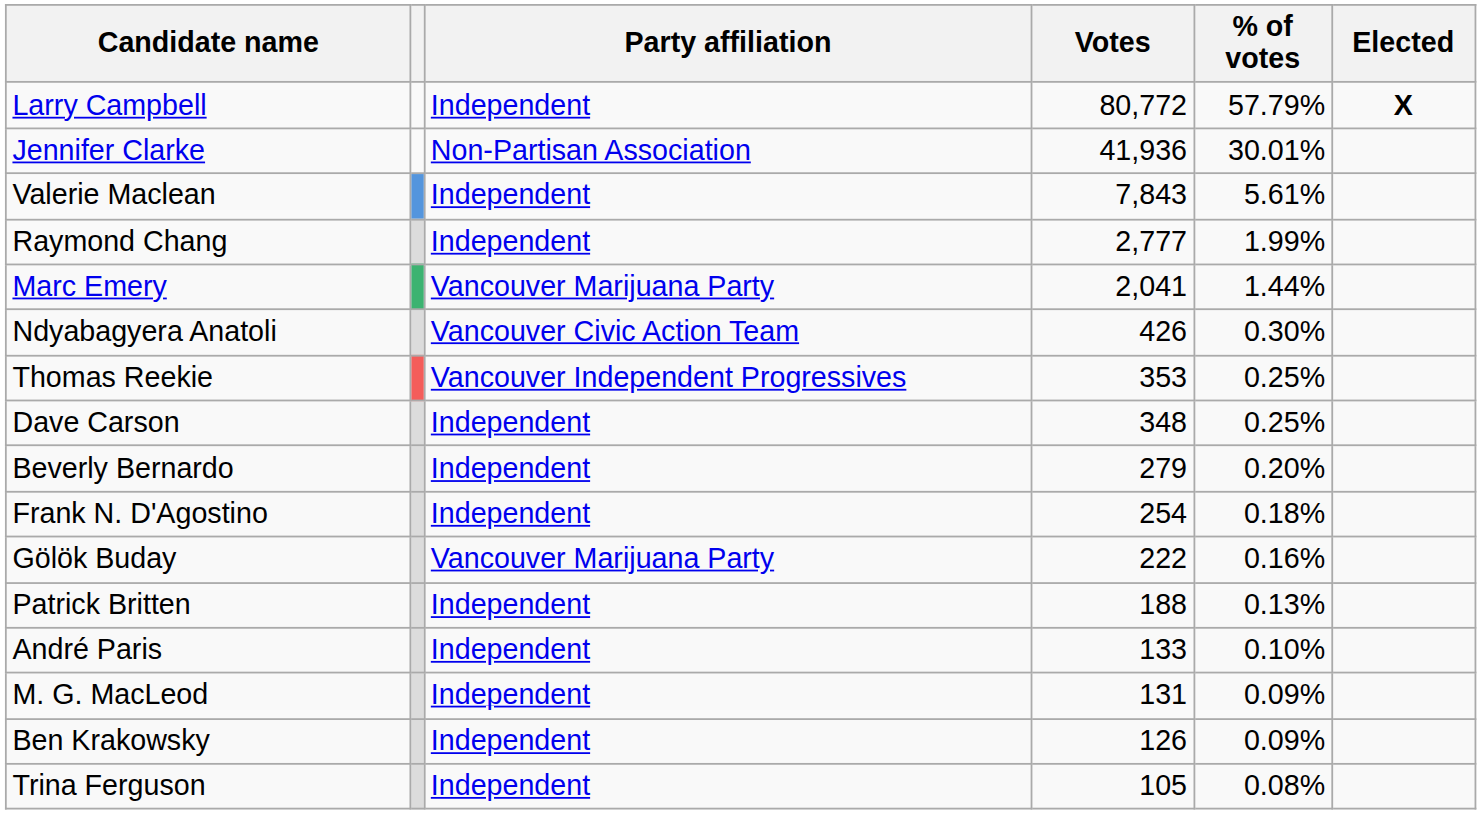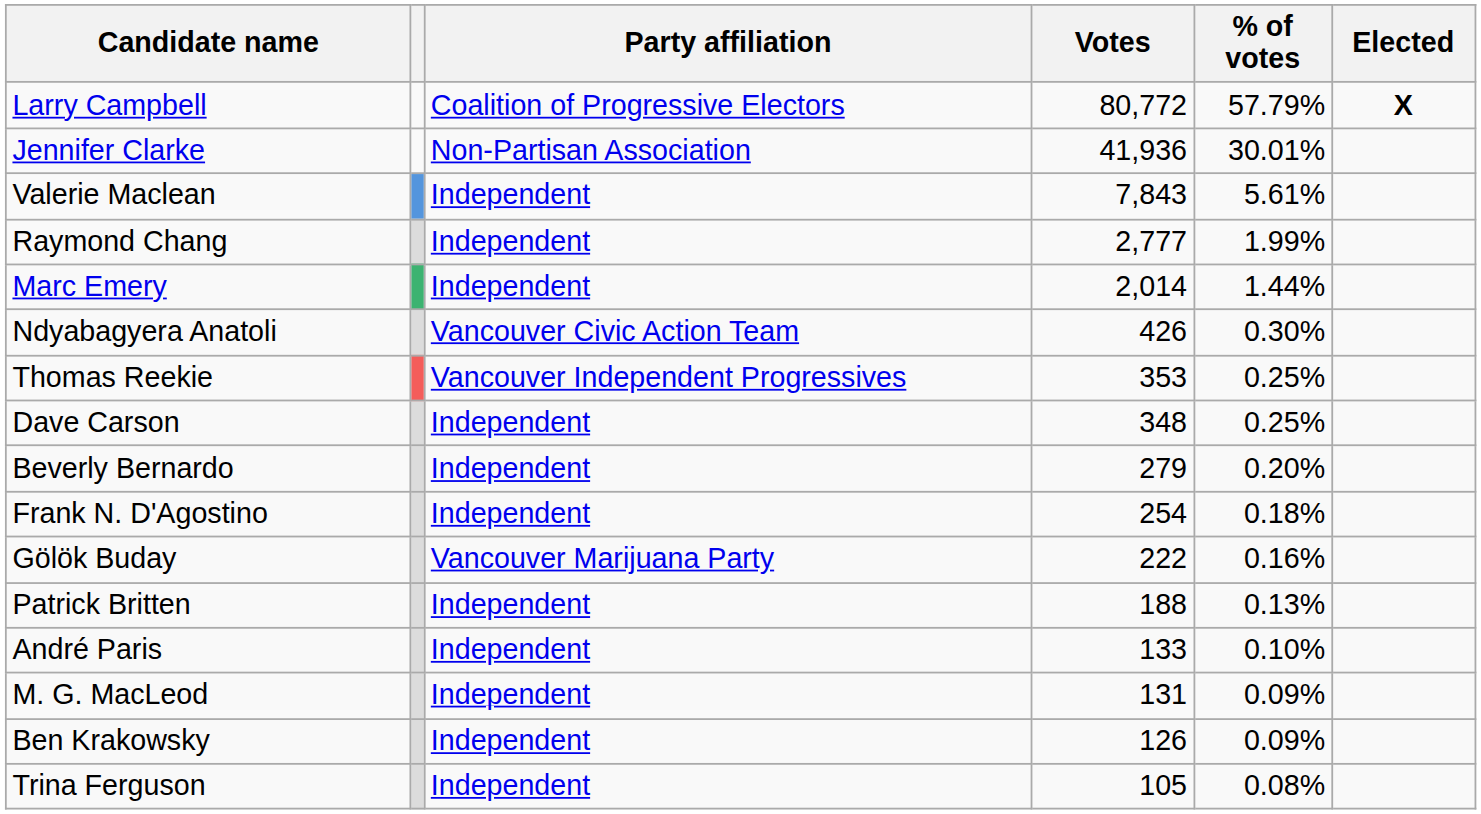 <table class="wikitable sortable" style="margin:5px; width: 65%">
 <tr>
 <th style="width:20%;">Candidate name</th>
 <th style="width:0.05%;" class="unsortable"></th>
 <th style="width:30%;">Party affiliation</th>
 <th style="width:8%;">Votes</th>
 <th style="width:5%;">% of votes</th>
 <th style="width:5%;">Elected</th>
 </tr>
 <tr>
 <td data-sort-value="Campbell, Larry"><a href='#'>Larry Campbell</a></td>
 <td style="background:"></td>
-<td><a href='#'>Independent</a></td>
+<td><a href='#'>Coalition of Progressive Electors</a></td>
 <td style="text-align: right;">80,772</td>
 <td style="text-align: right;">57.79%</td>
 <td style="text-align: center;"><strong>X</strong></td>
 </tr>
 <tr>
 <td data-sort-value="Clarke, Jennifer"><a href='#'>Jennifer Clarke</a></td>
 <td style="background:"></td>
 <td><a href='#'>Non-Partisan Association</a></td>
 <td style="text-align: right;">41,936</td>
 <td style="text-align: right;">30.01%</td>
 <td></td>
 </tr>
 <tr>
 <td data-sort-value="Maclean, Valerie">Valerie Maclean</td>
 <td style="background:#5495DD;"></td>
 <td><a href='#'>Independent</a></td>
 <td style="text-align: right;">7,843</td>
 <td style="text-align: right;">5.61%</td>
 <td></td>
 </tr>
 <tr>
 <td data-sort-value="Chang, Raymond">Raymond Chang</td>
 <td style="background:gainsboro;"></td>
 <td><a href='#'>Independent</a></td>
 <td style="text-align: right;">2,777</td>
 <td style="text-align: right;">1.99%</td>
 <td></td>
 </tr>
 <tr>
 <td data-sort-value="Emery, Marc"><a href='#'>Marc Emery</a></td>
 <td style="background:mediumseagreen;"></td>
-<td><a href='#'>Vancouver Marijuana Party</a></td>
-<td style="text-align: right;">2,041</td>
+<td><a href='#'>Independent</a></td>
+<td style="text-align: right;">2,014</td>
 <td style="text-align: right;">1.44%</td>
 <td></td>
 </tr>
 <tr>
 <td data-sort-value="Anatoli, Ndyabagyera">Ndyabagyera Anatoli</td>
 <td style="background:gainsboro;"></td>
 <td><a href='#'>Vancouver Civic Action Team</a></td>
 <td style="text-align: right;">426</td>
 <td style="text-align: right;">0.30%</td>
 <td></td>
 </tr>
 <tr>
 <td data-sort-value="Reekie, Thomas">Thomas Reekie</td>
 <td style="background:#F45D5A;"></td>
 <td><a href='#'>Vancouver Independent Progressives</a></td>
 <td style="text-align: right;">353</td>
 <td style="text-align: right;">0.25%</td>
 <td></td>
 </tr>
 <tr>
 <td data-sort-value="Carson, Dave">Dave Carson</td>
 <td style="background:gainsboro"></td>
 <td><a href='#'>Independent</a></td>
 <td style="text-align: right;">348</td>
 <td style="text-align: right;">0.25%</td>
 <td></td>
 </tr>
 <tr>
 <td data-sort-value="Bernardo, Beverly">Beverly Bernardo</td>
 <td style="background:gainsboro;"></td>
 <td><a href='#'>Independent</a></td>
 <td style="text-align: right;">279</td>
 <td style="text-align: right;">0.20%</td>
 <td></td>
 </tr>
 <tr>
 <td data-sort-value="D'Agostino, Frank N.">Frank N. D'Agostino</td>
 <td style="background:gainsboro;"></td>
 <td><a href='#'>Independent</a></td>
 <td style="text-align: right;">254</td>
 <td style="text-align: right;">0.18%</td>
 <td></td>
 </tr>
 <tr>
 <td data-sort-value="Buday, Gölök">Gölök Buday</td>
 <td style="background:gainsboro;"></td>
 <td><a href='#'>Vancouver Marijuana Party</a></td>
 <td style="text-align: right;">222</td>
 <td style="text-align: right;">0.16%</td>
 <td></td>
 </tr>
 <tr>
 <td data-sort-value="Britten, Patrick">Patrick Britten</td>
 <td style="background:gainsboro;"></td>
 <td><a href='#'>Independent</a></td>
 <td style="text-align: right;">188</td>
 <td style="text-align: right;">0.13%</td>
 <td></td>
 </tr>
 <tr>
 <td data-sort-value="Paris, André">André Paris</td>
 <td style="background:gainsboro;"></td>
 <td><a href='#'>Independent</a></td>
 <td style="text-align: right;">133</td>
 <td style="text-align: right;">0.10%</td>
 <td></td>
 </tr>
 <tr>
 <td data-sort-value="MacLeod, M. G.">M. G. MacLeod</td>
 <td style="background:gainsboro;"></td>
 <td><a href='#'>Independent</a></td>
 <td style="text-align: right;">131</td>
 <td style="text-align: right;">0.09%</td>
 <td></td>
 </tr>
 <tr>
 <td data-sort-value="Krakowsky, Ben">Ben Krakowsky</td>
 <td style="background:gainsboro;"></td>
 <td><a href='#'>Independent</a></td>
 <td style="text-align: right;">126</td>
 <td style="text-align: right;">0.09%</td>
 <td></td>
 </tr>
 <tr>
 <td data-sort-value="Ferguson, Trina">Trina Ferguson</td>
 <td style="background:gainsboro;"></td>
 <td><a href='#'>Independent</a></td>
 <td style="text-align: right;">105</td>
 <td style="text-align: right;">0.08%</td>
 <td></td>
 </tr>
 </table>
